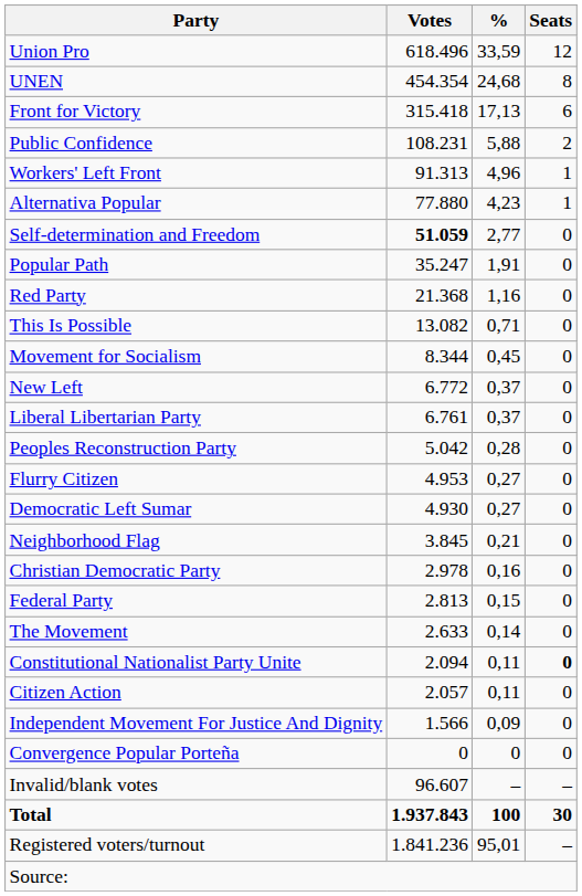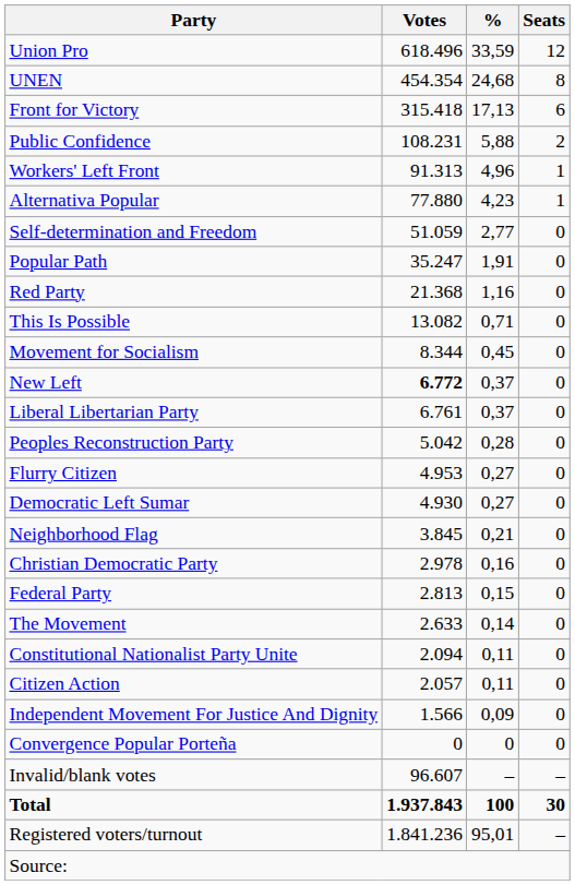 <table class=wikitable style=text-align:right>
 <tr>
 <th>Party</th>
 <th>Votes</th>
 <th>%</th>
 <th>Seats</th>
 </tr>
 <tr>
 <td align=left><a href='#'>Union Pro</a></td>
 <td>618.496</td>
 <td>33,59</td>
 <td>12</td>
 </tr>
 <tr>
 <td align=left><a href='#'>UNEN</a></td>
 <td>454.354</td>
 <td>24,68</td>
 <td>8</td>
 </tr>
 <tr>
 <td align=left><a href='#'>Front for Victory</a></td>
 <td>315.418</td>
 <td>17,13</td>
 <td>6</td>
 </tr>
 <tr>
 <td align=left><a href='#'>Public Confidence</a></td>
 <td>108.231</td>
 <td>5,88</td>
 <td>2</td>
 </tr>
 <tr>
 <td align=left><a href='#'>Workers' Left Front</a></td>
 <td>91.313</td>
 <td>4,96</td>
 <td>1</td>
 </tr>
 <tr>
 <td align=left><a href='#'>Alternativa Popular</a></td>
 <td>77.880</td>
 <td>4,23</td>
 <td>1</td>
 </tr>
 <tr>
 <td align=left><a href='#'>Self-determination and Freedom</a></td>
-<td><strong>51.059</strong></td>
+<td>51.059</td>
 <td>2,77</td>
 <td>0</td>
 </tr>
 <tr>
 <td align=left><a href='#'>Popular Path</a></td>
 <td>35.247</td>
 <td>1,91</td>
 <td>0</td>
 </tr>
 <tr>
 <td align=left><a href='#'>Red Party</a></td>
 <td>21.368</td>
 <td>1,16</td>
 <td>0</td>
 </tr>
 <tr>
 <td align=left><a href='#'>This Is Possible</a></td>
 <td>13.082</td>
 <td>0,71</td>
 <td>0</td>
 </tr>
 <tr>
 <td align=left><a href='#'>Movement for Socialism</a></td>
 <td>8.344</td>
 <td>0,45</td>
 <td>0</td>
 </tr>
 <tr>
 <td align=left><a href='#'>New Left</a></td>
-<td>6.772</td>
+<td><strong>6.772</strong></td>
 <td>0,37</td>
 <td>0</td>
 </tr>
 <tr>
 <td align=left><a href='#'>Liberal Libertarian Party</a></td>
 <td>6.761</td>
 <td>0,37</td>
 <td>0</td>
 </tr>
 <tr>
 <td align=left><a href='#'>Peoples Reconstruction Party</a></td>
 <td>5.042</td>
 <td>0,28</td>
 <td>0</td>
 </tr>
 <tr>
 <td align=left><a href='#'>Flurry Citizen</a></td>
 <td>4.953</td>
 <td>0,27</td>
 <td>0</td>
 </tr>
 <tr>
 <td align=left><a href='#'>Democratic Left Sumar</a></td>
 <td>4.930</td>
 <td>0,27</td>
 <td>0</td>
 </tr>
 <tr>
 <td align=left><a href='#'>Neighborhood Flag</a></td>
 <td>3.845</td>
 <td>0,21</td>
 <td>0</td>
 </tr>
 <tr>
 <td align=left><a href='#'>Christian Democratic Party</a></td>
 <td>2.978</td>
 <td>0,16</td>
 <td>0</td>
 </tr>
 <tr>
 <td align=left><a href='#'>Federal Party</a></td>
 <td>2.813</td>
 <td>0,15</td>
 <td>0</td>
 </tr>
 <tr>
 <td align=left><a href='#'>The Movement</a></td>
 <td>2.633</td>
 <td>0,14</td>
 <td>0</td>
 </tr>
 <tr>
 <td align=left><a href='#'>Constitutional Nationalist Party Unite</a></td>
 <td>2.094</td>
 <td>0,11</td>
-<td><strong>0</strong></td>
+<td>0</td>
 </tr>
 <tr>
 <td align=left><a href='#'>Citizen Action</a></td>
 <td>2.057</td>
 <td>0,11</td>
 <td>0</td>
 </tr>
 <tr>
 <td align=left><a href='#'>Independent Movement For Justice And Dignity</a></td>
 <td>1.566</td>
 <td>0,09</td>
 <td>0</td>
 </tr>
 <tr>
 <td align=left><a href='#'>Convergence Popular Porteña</a></td>
 <td>0</td>
 <td>0</td>
 <td>0</td>
 </tr>
 <tr>
 <td align=left>Invalid/blank votes</td>
 <td>96.607</td>
 <td>–</td>
 <td>–</td>
 </tr>
 <tr>
 <td align=left><strong>Total</strong></td>
 <td><strong>1.937.843</strong></td>
 <td><strong>100</strong></td>
 <td><strong>30</strong></td>
 </tr>
 <tr>
 <td align=left>Registered voters/turnout</td>
 <td>1.841.236</td>
 <td>95,01</td>
 <td>–</td>
 </tr>
 <tr>
 <td align=left colspan=5>Source: </td>
 </tr>
 </table>
